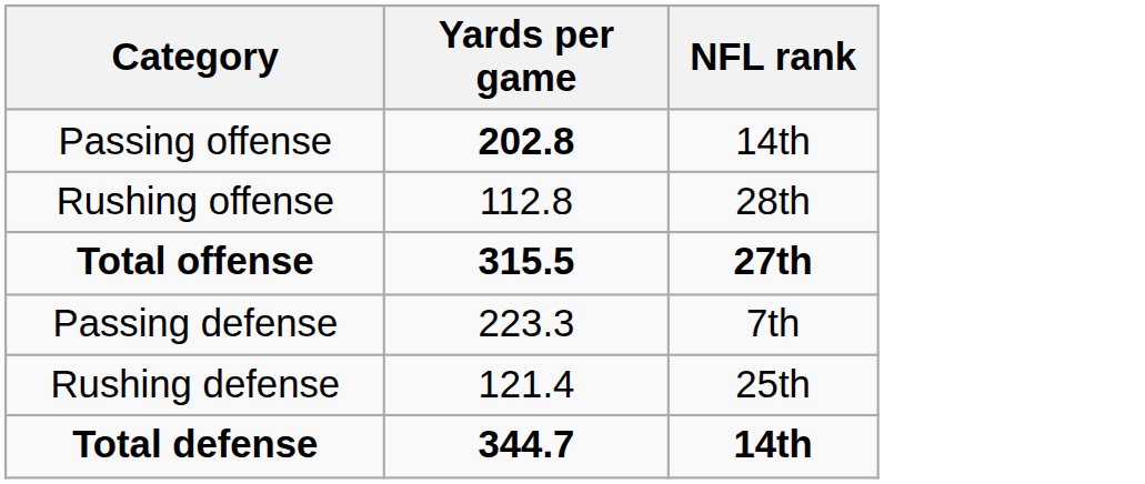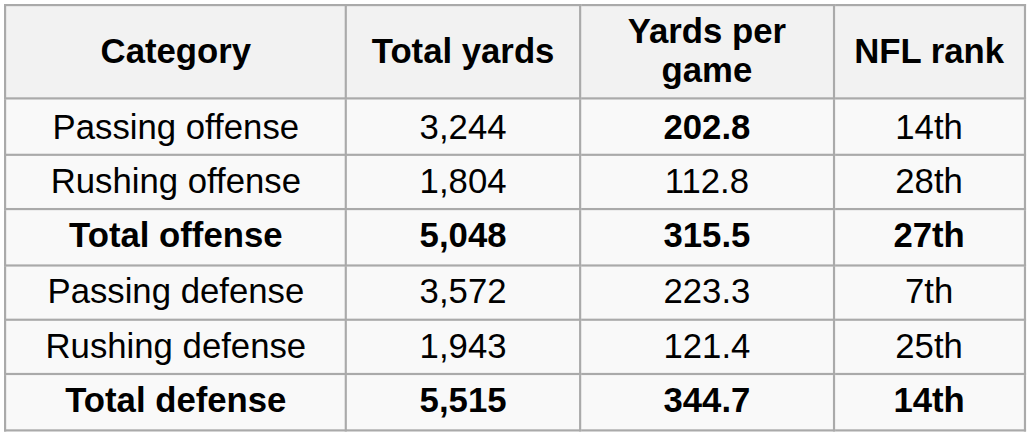 <table class="wikitable" style="text-align:center">
 <tr>
 <th width=150px>Category</th>
+<th width=100px>Total yards</th>
 <th width=110px>Yards per game</th>
 <th width=80px>NFL rank<br></th>
 </tr>
 <tr>
 <td>Passing offense</td>
+<td>3,244</td>
 <td><strong>202.8</strong></td>
 <td>14th</td>
 </tr>
 <tr>
 <td>Rushing offense</td>
+<td>1,804</td>
 <td>112.8</td>
 <td>28th</td>
 </tr>
 <tr>
 <td><strong>Total offense</strong></td>
+<td><strong>5,048</strong></td>
 <td><strong>315.5</strong></td>
 <td><strong>27th</strong></td>
 </tr>
 <tr>
 <td>Passing defense</td>
+<td>3,572</td>
 <td>223.3</td>
 <td>7th</td>
 </tr>
 <tr>
 <td>Rushing defense</td>
+<td>1,943</td>
 <td>121.4</td>
 <td>25th</td>
 </tr>
 <tr>
 <td><strong>Total defense</strong></td>
+<td><strong>5,515</strong></td>
 <td><strong>344.7</strong></td>
 <td><strong>14th</strong></td>
 </tr>
 </table>
